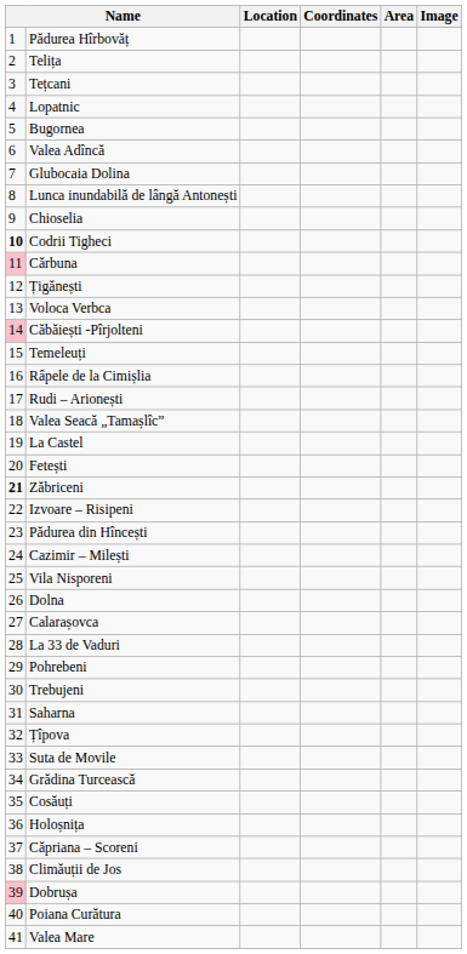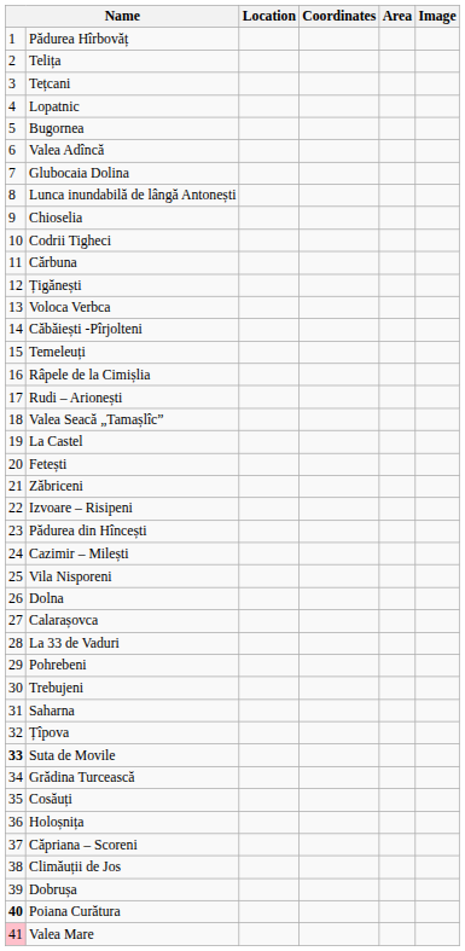 <table class="wikitable sortable plainrowheaders">
 <tr>
 <th colspan="2">Name</th>
 <th scope="col">Location</th>
 <th scope="col">Coordinates</th>
 <th scope="col">Area</th>
 <th scope="col">Image</th>
 </tr>
 <tr>
 <td>1</td>
 <td>Pădurea Hîrbovăț</td>
 <td></td>
 <td></td>
 <td></td>
 <td></td>
 </tr>
 <tr>
 <td>2</td>
 <td>Telița</td>
 <td></td>
 <td></td>
 <td></td>
 <td></td>
 </tr>
 <tr>
 <td>3</td>
 <td>Tețcani</td>
 <td></td>
 <td></td>
 <td></td>
 <td></td>
 </tr>
 <tr>
 <td>4</td>
 <td>Lopatnic</td>
 <td></td>
 <td></td>
 <td></td>
 <td></td>
 </tr>
 <tr>
 <td>5</td>
 <td>Bugornea</td>
 <td></td>
 <td></td>
 <td></td>
 <td></td>
 </tr>
 <tr>
 <td>6</td>
 <td>Valea Adîncă</td>
 <td></td>
 <td></td>
 <td></td>
 <td></td>
 </tr>
 <tr>
 <td>7</td>
 <td>Glubocaia Dolina</td>
 <td></td>
 <td></td>
 <td></td>
 <td></td>
 </tr>
 <tr>
 <td>8</td>
 <td>Lunca inundabilă de lângă Antonești</td>
 <td></td>
 <td></td>
 <td></td>
 <td></td>
 </tr>
 <tr>
 <td>9</td>
 <td>Chioselia</td>
 <td></td>
 <td></td>
 <td></td>
 <td></td>
 </tr>
 <tr>
-<td><strong>10</strong></td>
+<td>10</td>
 <td>Codrii Tigheci</td>
 <td></td>
 <td></td>
 <td></td>
 <td></td>
 </tr>
 <tr>
-<td style="background: pink;">11</td>
+<td>11</td>
 <td>Cărbuna</td>
 <td></td>
 <td></td>
 <td></td>
 <td></td>
 </tr>
 <tr>
 <td>12</td>
 <td>Țigănești</td>
 <td></td>
 <td></td>
 <td></td>
 <td></td>
 </tr>
 <tr>
 <td>13</td>
 <td>Voloca Verbca</td>
 <td></td>
 <td></td>
 <td></td>
 <td></td>
 </tr>
 <tr>
-<td style="background: pink;">14</td>
+<td>14</td>
 <td>Căbăiești -Pîrjolteni</td>
 <td></td>
 <td></td>
 <td></td>
 <td></td>
 </tr>
 <tr>
 <td>15</td>
 <td>Temeleuți</td>
 <td></td>
 <td></td>
 <td></td>
 <td></td>
 </tr>
 <tr>
 <td>16</td>
 <td>Râpele de la Cimișlia</td>
 <td></td>
 <td></td>
 <td></td>
 <td></td>
 </tr>
 <tr>
 <td>17</td>
 <td>Rudi – Arionești</td>
 <td></td>
 <td></td>
 <td></td>
 <td></td>
 </tr>
 <tr>
 <td>18</td>
 <td>Valea Seacă „Tamașlîc”</td>
 <td></td>
 <td></td>
 <td></td>
 <td></td>
 </tr>
 <tr>
 <td>19</td>
 <td>La Castel</td>
 <td></td>
 <td></td>
 <td></td>
 <td></td>
 </tr>
 <tr>
 <td>20</td>
 <td>Fetești</td>
 <td></td>
 <td></td>
 <td></td>
 <td></td>
 </tr>
 <tr>
-<td><strong>21</strong></td>
+<td>21</td>
 <td>Zăbriceni</td>
 <td></td>
 <td></td>
 <td></td>
 <td></td>
 </tr>
 <tr>
 <td>22</td>
 <td>Izvoare – Risipeni</td>
 <td></td>
 <td></td>
 <td></td>
 <td></td>
 </tr>
 <tr>
 <td>23</td>
 <td>Pădurea din Hîncești</td>
 <td></td>
 <td></td>
 <td></td>
 <td></td>
 </tr>
 <tr>
 <td>24</td>
 <td>Cazimir – Milești</td>
 <td></td>
 <td></td>
 <td></td>
 <td></td>
 </tr>
 <tr>
 <td>25</td>
 <td>Vila Nisporeni</td>
 <td></td>
 <td></td>
 <td></td>
 <td></td>
 </tr>
 <tr>
 <td>26</td>
 <td>Dolna</td>
 <td></td>
 <td></td>
 <td></td>
 <td></td>
 </tr>
 <tr>
 <td>27</td>
 <td>Calarașovca</td>
 <td></td>
 <td></td>
 <td></td>
 <td></td>
 </tr>
 <tr>
 <td>28</td>
 <td>La 33 de Vaduri</td>
 <td></td>
 <td></td>
 <td></td>
 <td></td>
 </tr>
 <tr>
 <td>29</td>
 <td>Pohrebeni</td>
 <td></td>
 <td></td>
 <td></td>
 <td></td>
 </tr>
 <tr>
 <td>30</td>
 <td>Trebujeni</td>
 <td></td>
 <td></td>
 <td></td>
 <td></td>
 </tr>
 <tr>
 <td>31</td>
 <td>Saharna</td>
 <td></td>
 <td></td>
 <td></td>
 <td></td>
 </tr>
 <tr>
 <td>32</td>
 <td>Țîpova</td>
 <td></td>
 <td></td>
 <td></td>
 <td></td>
 </tr>
 <tr>
-<td>33</td>
+<td><strong>33</strong></td>
 <td>Suta de Movile</td>
 <td></td>
 <td></td>
 <td></td>
 <td></td>
 </tr>
 <tr>
 <td>34</td>
 <td>Grădina Turcească</td>
 <td></td>
 <td></td>
 <td></td>
 <td></td>
 </tr>
 <tr>
 <td>35</td>
 <td>Cosăuți</td>
 <td></td>
 <td></td>
 <td></td>
 <td></td>
 </tr>
 <tr>
 <td>36</td>
 <td>Holoșnița</td>
 <td></td>
 <td></td>
 <td></td>
 <td></td>
 </tr>
 <tr>
 <td>37</td>
 <td>Căpriana – Scoreni</td>
 <td></td>
 <td></td>
 <td></td>
 <td></td>
 </tr>
 <tr>
 <td>38</td>
 <td>Climăuții de Jos</td>
 <td></td>
 <td></td>
 <td></td>
 <td></td>
 </tr>
 <tr>
-<td style="background: pink;">39</td>
+<td>39</td>
 <td>Dobrușa</td>
 <td></td>
 <td></td>
 <td></td>
 <td></td>
 </tr>
 <tr>
-<td>40</td>
+<td><strong>40</strong></td>
 <td>Poiana Curătura</td>
 <td></td>
 <td></td>
 <td></td>
 <td></td>
 </tr>
 <tr>
-<td>41</td>
+<td style="background: pink;">41</td>
 <td>Valea Mare</td>
 <td></td>
 <td></td>
 <td></td>
 <td></td>
 </tr>
 </table>
